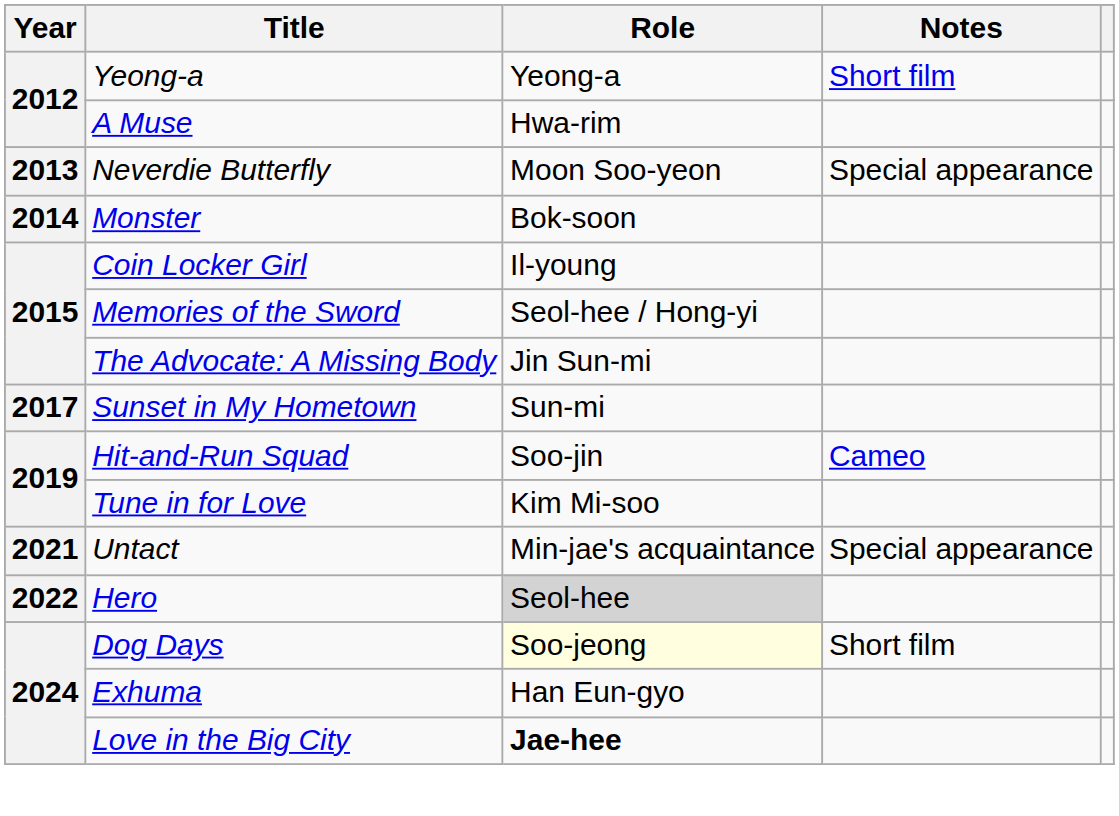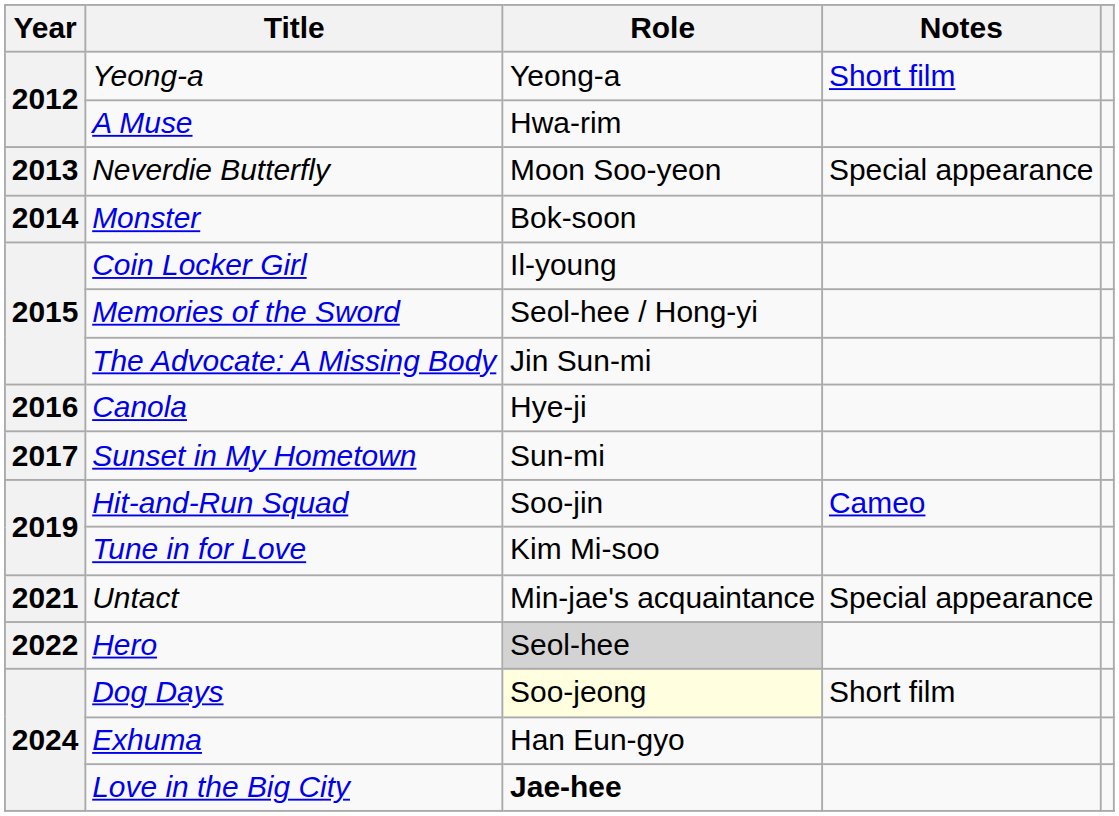 <table class="wikitable sortable plainrowheaders">
 <tr>
 <th scope="col">Year</th>
 <th scope="col">Title</th>
 <th scope="col">Role</th>
 <th scope="col">Notes</th>
 <th scope="col" class="unsortable"></th>
 </tr>
 <tr>
 <th scope="row" rowspan="2">2012</th>
 <td><em>Yeong-a</em></td>
 <td>Yeong-a</td>
 <td><a href='#'>Short film</a></td>
 <td style="text-align:center"></td>
 </tr>
 <tr>
 <td><em><a href='#'>A Muse</a></em></td>
 <td>Hwa-rim</td>
 <td></td>
 <td style="text-align:center"></td>
 </tr>
 <tr>
 <th scope="row">2013</th>
 <td><em>Neverdie Butterfly</em></td>
 <td>Moon Soo-yeon</td>
 <td>Special appearance</td>
 <td style="text-align:center"></td>
 </tr>
 <tr>
 <th scope="row">2014</th>
 <td><em><a href='#'>Monster</a></em></td>
 <td>Bok-soon</td>
 <td></td>
 <td style="text-align:center"></td>
 </tr>
 <tr>
 <th scope="row" rowspan="3'">2015</th>
 <td><em><a href='#'>Coin Locker Girl</a></em></td>
 <td>Il-young</td>
 <td></td>
 <td style="text-align:center"></td>
 </tr>
 <tr>
 <td><em><a href='#'>Memories of the Sword</a></em></td>
 <td>Seol-hee / Hong-yi</td>
 <td></td>
 <td style="text-align:center"></td>
 </tr>
 <tr>
 <td><em><a href='#'>The Advocate: A Missing Body</a></em></td>
 <td>Jin Sun-mi</td>
+<td></td>
+<td style="text-align:center"></td>
+</tr>
+<tr>
+<th scope="row">2016</th>
+<td><em><a href='#'>Canola</a></em></td>
+<td>Hye-ji</td>
 <td></td>
 <td style="text-align:center"></td>
 </tr>
 <tr>
 <th scope="row">2017</th>
 <td><em><a href='#'>Sunset in My Hometown</a></em></td>
 <td>Sun-mi</td>
 <td></td>
 <td style="text-align:center"></td>
 </tr>
 <tr>
 <th scope="row" rowspan="2">2019</th>
 <td><em><a href='#'>Hit-and-Run Squad</a></em></td>
 <td>Soo-jin</td>
 <td><a href='#'>Cameo</a></td>
 <td style="text-align:center"></td>
 </tr>
 <tr>
 <td><em><a href='#'>Tune in for Love</a></em></td>
 <td>Kim Mi-soo</td>
 <td></td>
 <td style="text-align:center"></td>
 </tr>
 <tr>
 <th scope="row">2021</th>
 <td><em>Untact</em></td>
 <td>Min-jae's acquaintance</td>
 <td>Special appearance</td>
 <td style="text-align:center"></td>
 </tr>
 <tr>
 <th scope="row">2022</th>
 <td><em><a href='#'>Hero</a></em></td>
 <td style="background: lightgrey;">Seol-hee</td>
 <td></td>
 <td style="text-align:center"></td>
 </tr>
 <tr>
 <th scope="row" rowspan="3">2024</th>
 <td><em><a href='#'>Dog Days</a></em></td>
 <td style="background: lightyellow;">Soo-jeong</td>
 <td>Short film</td>
 <td style="text-align:center"></td>
 </tr>
 <tr>
 <td><em><a href='#'>Exhuma</a></em></td>
 <td>Han Eun-gyo</td>
 <td></td>
 <td style="text-align:center"></td>
 </tr>
 <tr>
 <td><em><a href='#'>Love in the Big City</a></em></td>
 <td><strong>Jae-hee</strong></td>
 <td></td>
 <td style="text-align:center"></td>
 </tr>
 </table>
